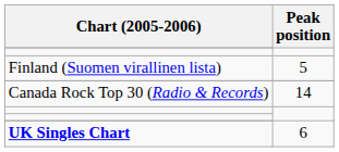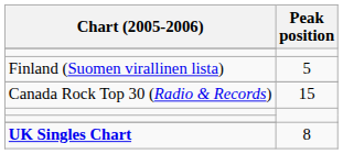 <table class="wikitable sortable">
 <tr>
 <th>Chart (2005-2006)</th>
 <th>Peak<br>position</th>
 </tr>
 <tr>
 </tr>
 <tr>
 </tr>
 <tr>
 <td></td>
 </tr>
 <tr>
 <td align="left">Finland (<a href='#'>Suomen virallinen lista</a>)</td>
 <td style="text-align:center;">5</td>
 </tr>
 <tr>
 </tr>
 <tr>
 <td>Canada Rock Top 30 (<em><a href='#'>Radio & Records</a></em>)</td>
-<td style="text-align:center;">14</td>
+<td style="text-align:center;">15</td>
 </tr>
 <tr>
 <td></td>
 </tr>
 <tr>
 <td></td>
 </tr>
 <tr>
 </tr>
 <tr>
 </tr>
 <tr>
 </tr>
 <tr>
 </tr>
 <tr>
 <td><strong><a href='#'>UK Singles Chart</a></strong></td>
-<td align="center">6</td>
+<td align="center">8</td>
 </tr>
 </table>
